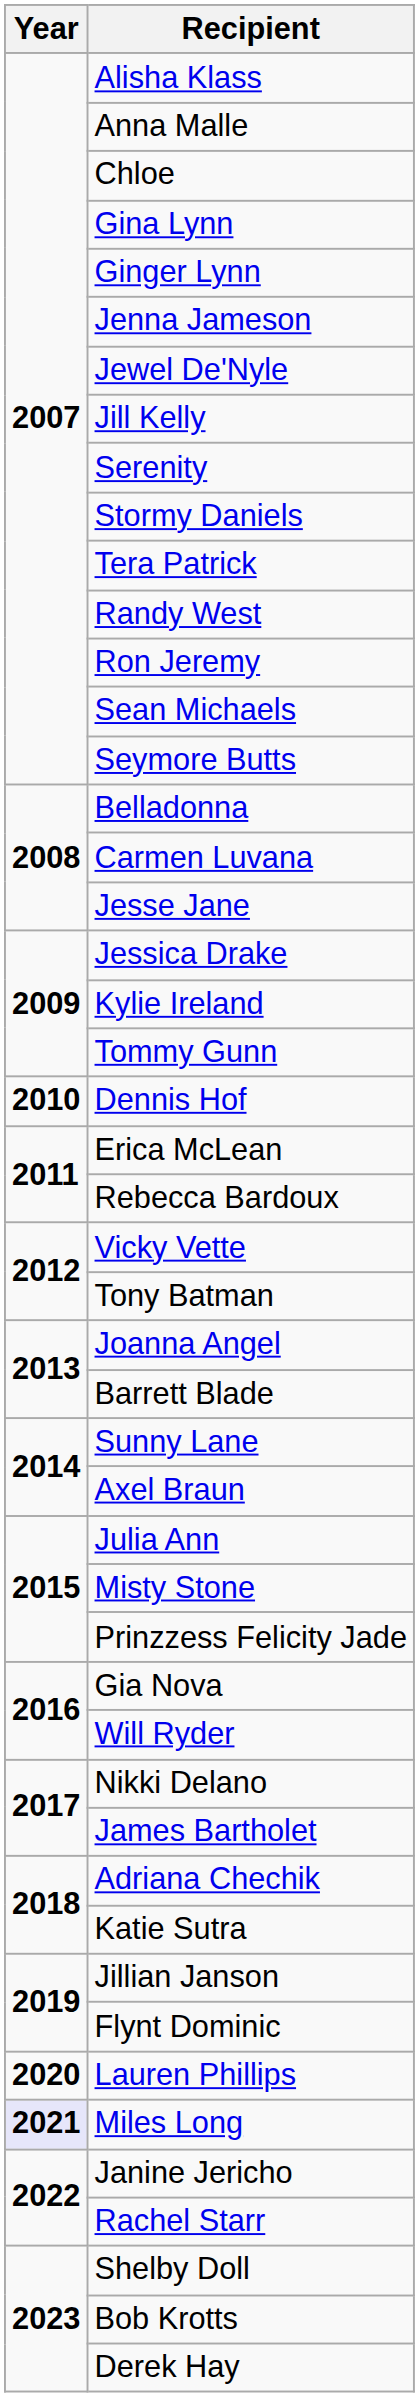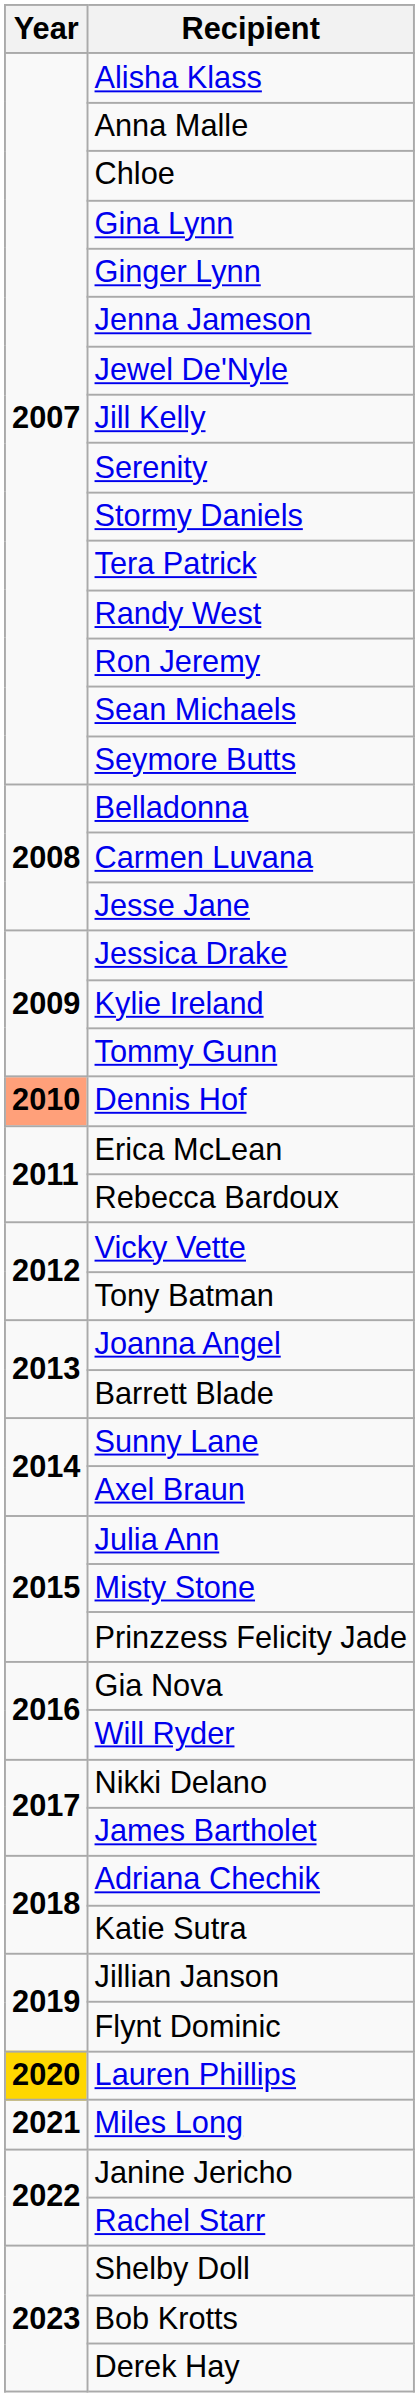 <table class="wikitable">
 <tr>
 <th>Year</th>
 <th>Recipient</th>
 </tr>
 <tr>
 <td rowspan="15"><strong>2007</strong></td>
 <td><a href='#'>Alisha Klass</a></td>
 </tr>
 <tr>
 <td>Anna Malle</td>
 </tr>
 <tr>
 <td>Chloe</td>
 </tr>
 <tr>
 <td><a href='#'>Gina Lynn</a></td>
 </tr>
 <tr>
 <td><a href='#'>Ginger Lynn</a></td>
 </tr>
 <tr>
 <td><a href='#'>Jenna Jameson</a></td>
 </tr>
 <tr>
 <td><a href='#'>Jewel De'Nyle</a></td>
 </tr>
 <tr>
 <td><a href='#'>Jill Kelly</a></td>
 </tr>
 <tr>
 <td><a href='#'>Serenity</a></td>
 </tr>
 <tr>
 <td><a href='#'>Stormy Daniels</a></td>
 </tr>
 <tr>
 <td><a href='#'>Tera Patrick</a></td>
 </tr>
 <tr>
 <td><a href='#'>Randy West</a></td>
 </tr>
 <tr>
 <td><a href='#'>Ron Jeremy</a></td>
 </tr>
 <tr>
 <td><a href='#'>Sean Michaels</a></td>
 </tr>
 <tr>
 <td><a href='#'>Seymore Butts</a></td>
 </tr>
 <tr>
 <td rowspan="3"><strong>2008</strong></td>
 <td><a href='#'>Belladonna</a></td>
 </tr>
 <tr>
 <td><a href='#'>Carmen Luvana</a></td>
 </tr>
 <tr>
 <td><a href='#'>Jesse Jane</a></td>
 </tr>
 <tr>
 <td rowspan="3"><strong>2009</strong></td>
 <td><a href='#'>Jessica Drake</a></td>
 </tr>
 <tr>
 <td><a href='#'>Kylie Ireland</a></td>
 </tr>
 <tr>
 <td><a href='#'>Tommy Gunn</a></td>
 </tr>
 <tr>
-<td><strong>2010</strong></td>
+<td style="background: lightsalmon;"><strong>2010</strong></td>
 <td><a href='#'>Dennis Hof</a></td>
 </tr>
 <tr>
 <td rowspan="2"><strong>2011</strong></td>
 <td>Erica McLean</td>
 </tr>
 <tr>
 <td>Rebecca Bardoux</td>
 </tr>
 <tr>
 <td rowspan="2"><strong>2012</strong></td>
 <td><a href='#'>Vicky Vette</a></td>
 </tr>
 <tr>
 <td>Tony Batman</td>
 </tr>
 <tr>
 <td rowspan="2"><strong>2013</strong></td>
 <td><a href='#'>Joanna Angel</a></td>
 </tr>
 <tr>
 <td>Barrett Blade</td>
 </tr>
 <tr>
 <td rowspan="2"><strong>2014</strong></td>
 <td><a href='#'>Sunny Lane</a></td>
 </tr>
 <tr>
 <td><a href='#'>Axel Braun</a></td>
 </tr>
 <tr>
 <td rowspan="3"><strong>2015</strong></td>
 <td><a href='#'>Julia Ann</a></td>
 </tr>
 <tr>
 <td><a href='#'>Misty Stone</a></td>
 </tr>
 <tr>
 <td>Prinzzess Felicity Jade</td>
 </tr>
 <tr>
 <td rowspan="2"><strong>2016</strong></td>
 <td>Gia Nova</td>
 </tr>
 <tr>
 <td><a href='#'>Will Ryder</a></td>
 </tr>
 <tr>
 <td rowspan="2"><strong>2017</strong></td>
 <td>Nikki Delano</td>
 </tr>
 <tr>
 <td><a href='#'>James Bartholet</a></td>
 </tr>
 <tr>
 <td rowspan="2"><strong>2018</strong></td>
 <td><a href='#'>Adriana Chechik</a></td>
 </tr>
 <tr>
 <td>Katie Sutra</td>
 </tr>
 <tr>
 <td rowspan="2"><strong>2019</strong></td>
 <td>Jillian Janson</td>
 </tr>
 <tr>
 <td>Flynt Dominic</td>
 </tr>
 <tr>
-<td><strong>2020</strong></td>
+<td style="background: gold;"><strong>2020</strong></td>
 <td><a href='#'>Lauren Phillips</a></td>
 </tr>
 <tr>
-<td style="background: lavender;"><strong>2021</strong></td>
+<td><strong>2021</strong></td>
 <td><a href='#'>Miles Long</a></td>
 </tr>
 <tr>
 <td rowspan=2><strong>2022</strong></td>
 <td>Janine Jericho</td>
 </tr>
 <tr>
 <td><a href='#'>Rachel Starr</a></td>
 </tr>
 <tr>
 <td rowspan=3><strong>2023</strong></td>
 <td>Shelby Doll</td>
 </tr>
 <tr>
 <td>Bob Krotts</td>
 </tr>
 <tr>
 <td>Derek Hay</td>
 </tr>
 </table>
